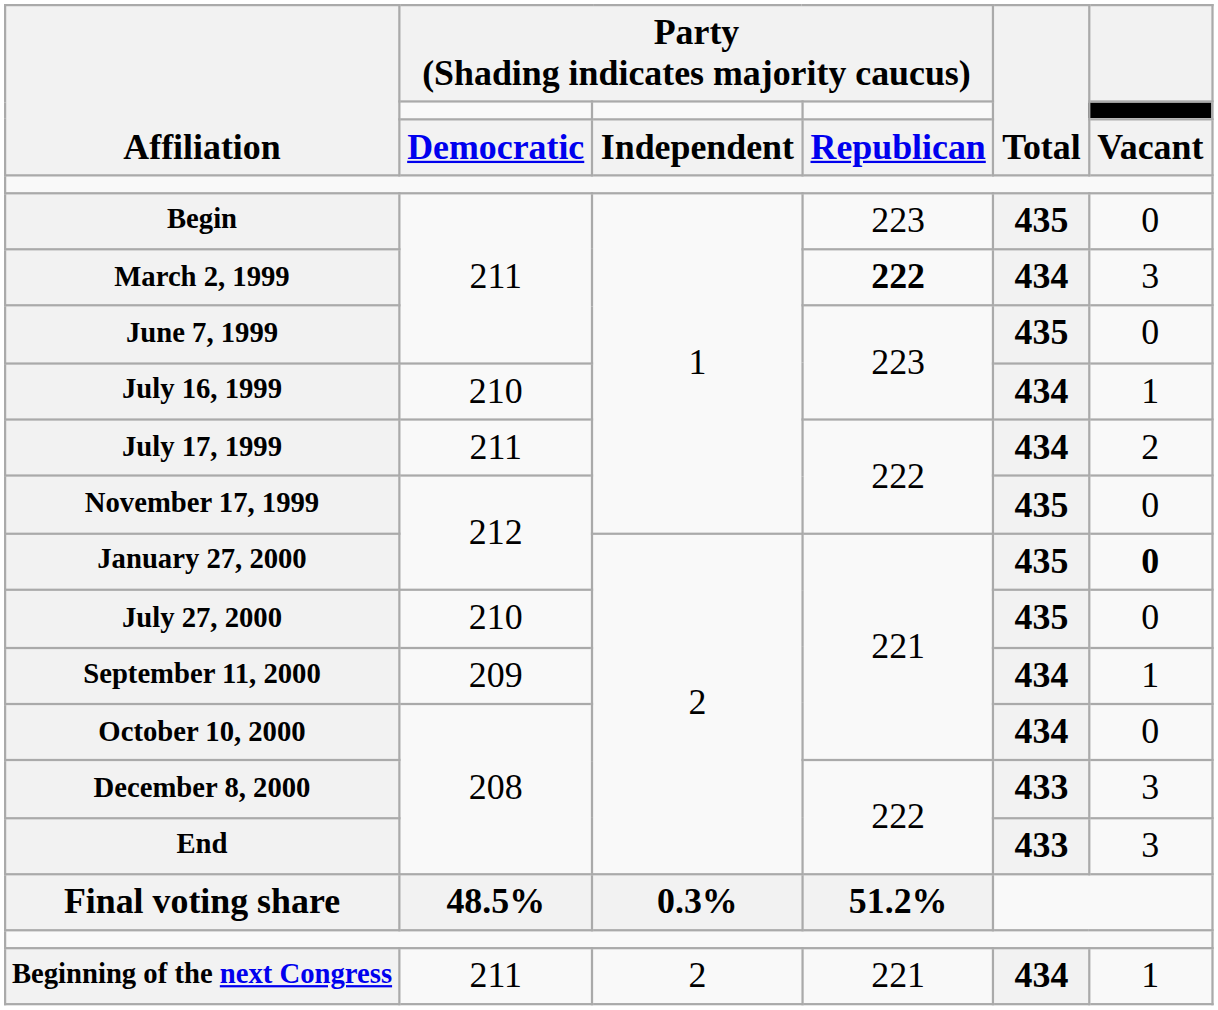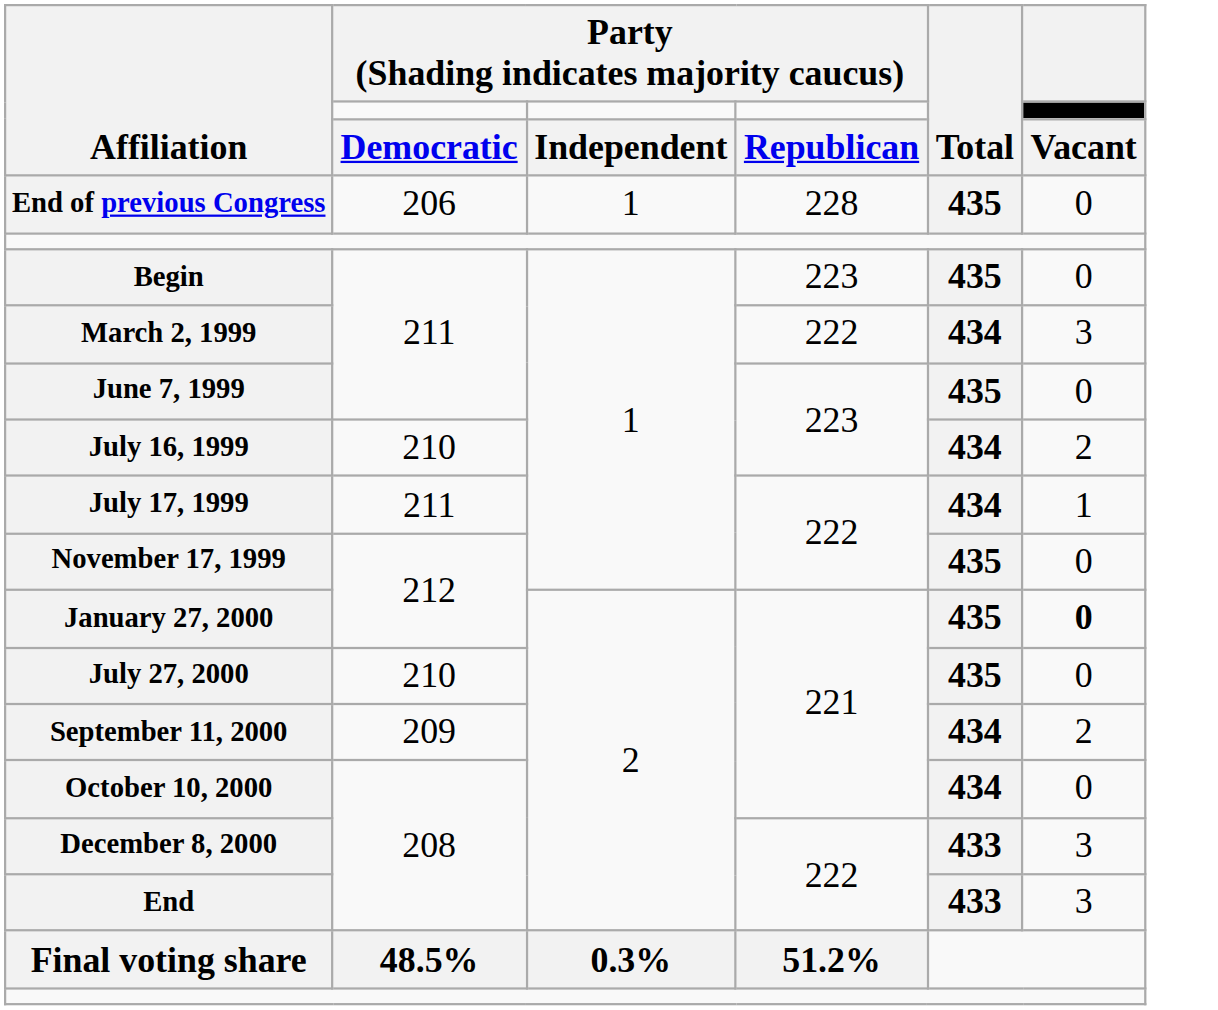 <table class="wikitable" style="text-align:center">
 <tr style="vertical-align:bottom;">
 <th rowspan=3>Affiliation</th>
 <th colspan=3>Party <div>(Shading indicates majority caucus)</div></th>
 <th rowspan=3>Total</th>
 <th></th>
 </tr>
 <tr style="height:5px">
 <td style="background-color:"></td>
 <td style="background-color:"></td>
 <td style="background-color:"></td>
 <td style="background-color:black"></td>
 </tr>
 <tr>
 <th><a href='#'>Democratic</a></th>
 <th>Independent</th>
 <th><a href='#'>Republican</a></th>
 <th>Vacant</th>
 </tr>
 <tr>
+<th nowrap style="font-size:80%">End of <a href='#'>previous Congress</a></th>
+<td>206</td>
+<td>1</td>
+<td>228</td>
+<th>435</th>
+<td>0</td>
+</tr>
+<tr>
 <td colspan=6></td>
 </tr>
 <tr>
 <th nowrap style="font-size:80%">Begin</th>
 <td rowspan=3>211</td>
 <td rowspan=6>1</td>
 <td>223</td>
 <th>435</th>
 <td>0</td>
 </tr>
 <tr style="text-align:center;">
 <th nowrap style="font-size:80%">March 2, 1999</th>
-<td><strong>222</strong></td>
+<td>222</td>
 <th>434</th>
 <td>3</td>
 </tr>
 <tr style="text-align:center;">
 <th nowrap style="font-size:80%">June 7, 1999</th>
 <td rowspan=2 >223</td>
 <th>435</th>
 <td>0</td>
 </tr>
 <tr style="text-align:center;">
 <th nowrap style="font-size:80%">July 16, 1999</th>
 <td>210</td>
 <th>434</th>
-<td>1</td>
+<td>2</td>
 </tr>
 <tr style="text-align:center;">
 <th nowrap style="font-size:80%">July 17, 1999</th>
 <td>211</td>
 <td rowspan=2 >222</td>
 <th>434</th>
-<td>2</td>
+<td>1</td>
 </tr>
 <tr style="text-align:center;">
 <th nowrap style="font-size:80%">November 17, 1999</th>
 <td rowspan=2>212</td>
 <th>435</th>
 <td>0</td>
 </tr>
 <tr style="text-align:center;">
 <th nowrap style="font-size:80%">January 27, 2000</th>
 <td rowspan=6>2</td>
 <td rowspan=4 >221</td>
 <th>435</th>
 <td><strong>0</strong></td>
 </tr>
 <tr style="text-align:center;">
 <th nowrap style="font-size:80%">July 27, 2000</th>
 <td>210</td>
 <th>435</th>
 <td>0</td>
 </tr>
 <tr style="text-align:center;">
 <th nowrap style="font-size:80%">September 11, 2000</th>
 <td>209</td>
 <th>434</th>
-<td>1</td>
+<td>2</td>
 </tr>
 <tr style="text-align:center;">
 <th nowrap style="font-size:80%">October 10, 2000</th>
 <td rowspan=3>208</td>
 <th>434</th>
 <td>0</td>
 </tr>
 <tr style="text-align:center;">
 <th nowrap style="font-size:80%">December 8, 2000</th>
 <td rowspan= 2 >222</td>
 <th>433</th>
 <td>3</td>
 </tr>
 <tr style="text-align:center;">
 <th nowrap style="font-size:80%">End</th>
 <th>433</th>
 <td>3</td>
 </tr>
 <tr style="text-align:center;">
 <th>Final voting share</th>
 <th>48.5%</th>
 <th>0.3%</th>
 <th>51.2%</th>
 <td colspan=2></td>
 </tr>
 <tr>
 <td colspan=6></td>
 </tr>
-<tr>
-<th nowrap style="font-size:80%">Beginning of the <a href='#'>next Congress</a></th>
-<td>211</td>
-<td>2</td>
-<td>221</td>
-<th>434</th>
-<td>1</td>
-</tr>
 </table>
